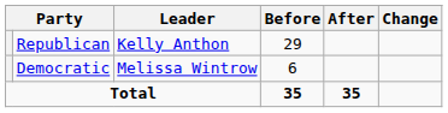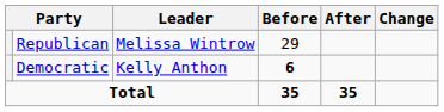 <table class="wikitable" style="text-align:center;">
 <tr>
 </tr>
 <tr>
 <th colspan="2">Party</th>
 <th>Leader</th>
 <th style="width:3em">Before</th>
 <th style="width:3em">After</th>
 <th style="width:3em">Change</th>
 </tr>
 <tr>
 <th style="background-color:"></th>
 <td style="text-align:left;"><a href='#'>Republican</a></td>
-<td style="text-align:left;"><a href='#'>Kelly Anthon</a></td>
+<td style="text-align:left;"><a href='#'>Melissa Wintrow</a></td>
 <td>29</td>
 <td></td>
 <td></td>
 </tr>
 <tr>
 <th style="background-color:"></th>
 <td style="text-align:left;"><a href='#'>Democratic</a></td>
-<td style="text-align:left;"><a href='#'>Melissa Wintrow</a></td>
-<td>6</td>
+<td style="text-align:left;"><a href='#'>Kelly Anthon</a></td>
+<td><strong>6</strong></td>
 <td></td>
 <td></td>
 </tr>
 <tr>
 <td colspan="3"><strong>Total</strong></td>
 <td><strong>35</strong></td>
 <td><strong>35</strong></td>
 <td></td>
 </tr>
 </table>
